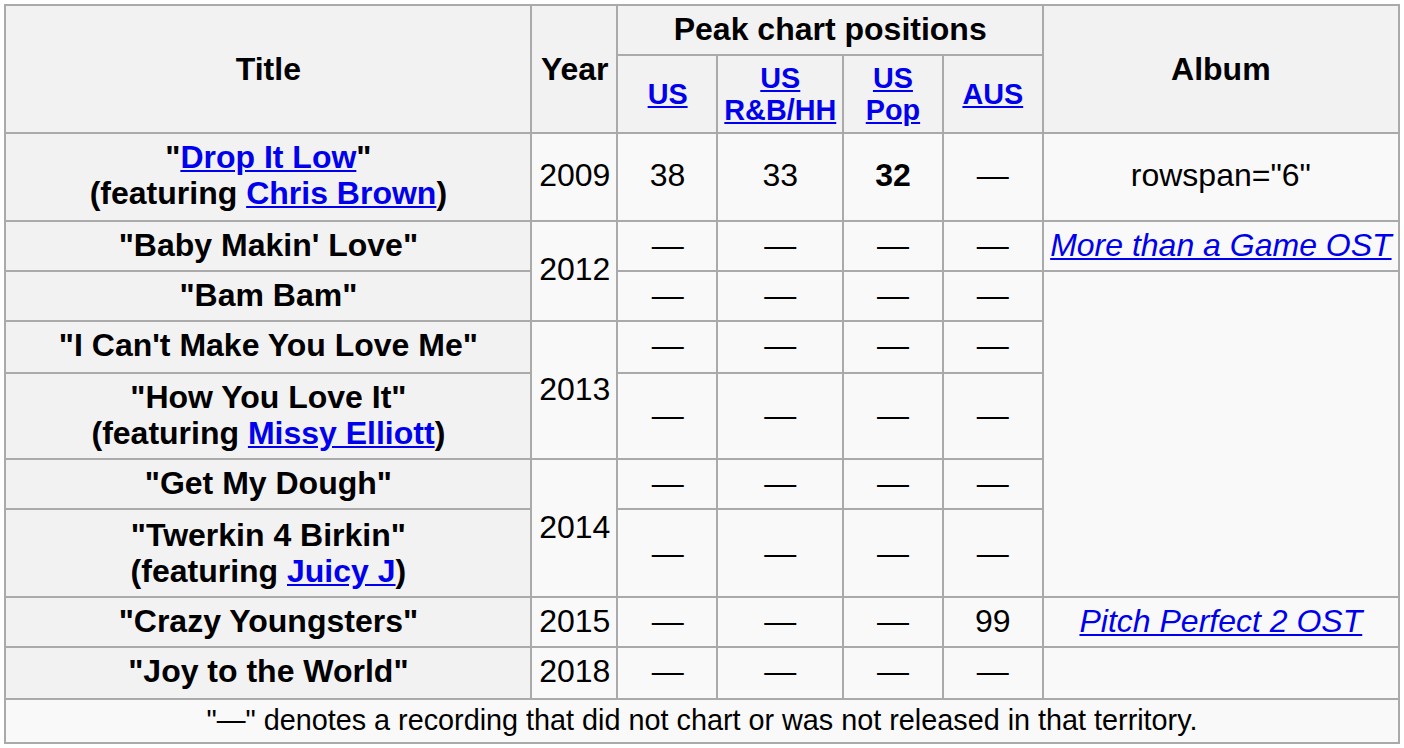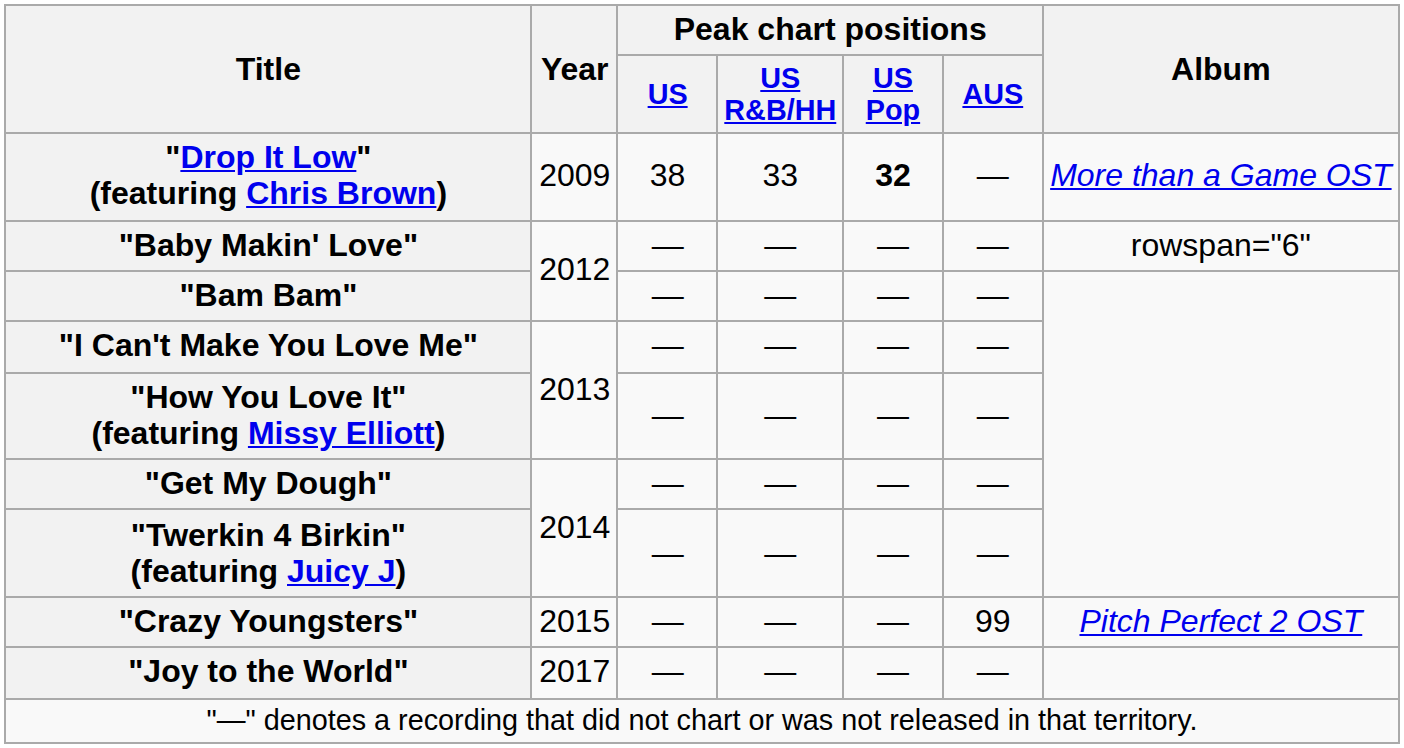 <table class="wikitable plainrowheaders" style="text-align:center;">
 <tr>
 <th scope="col" rowspan="2" style="width:16em;">Title</th>
 <th scope="col" rowspan="2">Year</th>
 <th scope="col" colspan="4">Peak chart positions</th>
 <th scope="col" rowspan="2">Album</th>
 </tr>
 <tr>
 <th scope="col" style="width:3em;font-size:90%;"><a href='#'>US</a><br></th>
 <th scope="col" style="width:3em;font-size:90%;"><a href='#'>US<br>R&B/HH</a><br></th>
 <th scope="col" style="width:3em;font-size:90%;"><a href='#'>US Pop</a><br></th>
 <th scope="col" style="width:3em;font-size:90%;"><a href='#'>AUS</a><br></th>
 </tr>
 <tr>
 <th scope="row">"<a href='#'>Drop It Low</a>" <br><span>(featuring <a href='#'>Chris Brown</a>)</span></th>
 <td>2009</td>
 <td>38</td>
 <td>33</td>
 <td><strong>32</strong></td>
 <td>—</td>
-<td>rowspan="6" </td>
+<td><em><a href='#'>More than a Game OST</a></em></td>
 </tr>
 <tr>
 <th scope="row">"Baby Makin' Love"</th>
 <td rowspan="2">2012</td>
 <td>—</td>
 <td>—</td>
 <td>—</td>
 <td>—</td>
-<td><em><a href='#'>More than a Game OST</a></em></td>
+<td>rowspan="6" </td>
 </tr>
 <tr>
 <th scope="row">"Bam Bam"</th>
 <td>—</td>
 <td>—</td>
 <td>—</td>
 <td>—</td>
 </tr>
 <tr>
 <th scope="row">"I Can't Make You Love Me"</th>
 <td rowspan="2">2013</td>
 <td>—</td>
 <td>—</td>
 <td>—</td>
 <td>—</td>
 </tr>
 <tr>
 <th scope="row">"How You Love It"<br><span>(featuring <a href='#'>Missy Elliott</a>)</span></th>
 <td>—</td>
 <td>—</td>
 <td>—</td>
 <td>—</td>
 </tr>
 <tr>
 <th scope="row">"Get My Dough"</th>
 <td rowspan="2">2014</td>
 <td>—</td>
 <td>—</td>
 <td>—</td>
 <td>—</td>
 </tr>
 <tr>
 <th scope="row">"Twerkin 4 Birkin"<br><span>(featuring <a href='#'>Juicy J</a>)</span></th>
 <td>—</td>
 <td>—</td>
 <td>—</td>
 <td>—</td>
 </tr>
 <tr>
 <th scope="row">"Crazy Youngsters"</th>
 <td>2015</td>
 <td>—</td>
 <td>—</td>
 <td>—</td>
 <td>99</td>
 <td><em><a href='#'>Pitch Perfect 2 OST</a></em></td>
 </tr>
 <tr>
 <th scope="row">"Joy to the World"</th>
-<td>2018</td>
+<td>2017</td>
 <td>—</td>
 <td>—</td>
 <td>—</td>
 <td>—</td>
 <td></td>
 </tr>
 <tr>
 <td colspan="7" style="font-size:90%">"—" denotes a recording that did not chart or was not released in that territory.</td>
 </tr>
 </table>
